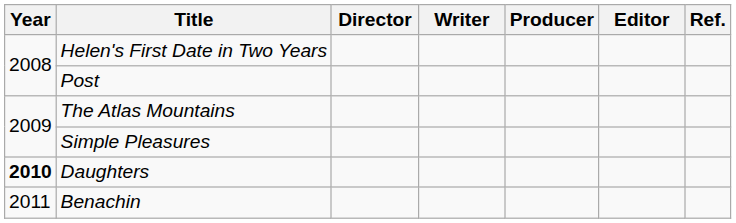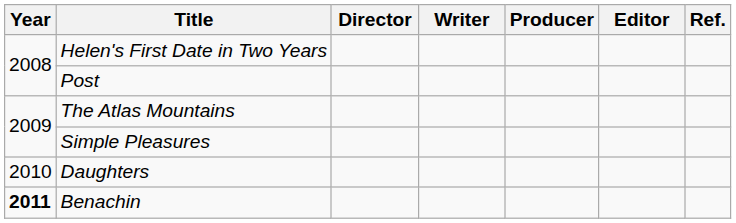 <table class="wikitable">
 <tr>
 <th>Year</th>
 <th>Title</th>
 <th width=65>Director</th>
 <th width=65>Writer</th>
 <th width=65>Producer</th>
 <th width=65>Editor</th>
 <th>Ref.</th>
 </tr>
 <tr>
 <td rowspan="2">2008</td>
 <td><em>Helen's First Date in Two Years</em></td>
 <td></td>
 <td></td>
 <td></td>
 <td></td>
 <td></td>
 </tr>
 <tr>
 <td><em>Post</em></td>
 <td></td>
 <td></td>
 <td></td>
 <td></td>
 <td></td>
 </tr>
 <tr>
 <td rowspan="2">2009</td>
 <td><em>The Atlas Mountains</em></td>
 <td></td>
 <td></td>
 <td></td>
 <td></td>
 <td></td>
 </tr>
 <tr>
 <td><em>Simple Pleasures</em></td>
 <td></td>
 <td></td>
 <td></td>
 <td></td>
 <td></td>
 </tr>
 <tr>
-<td><strong>2010</strong></td>
+<td>2010</td>
 <td><em>Daughters</em></td>
 <td></td>
 <td></td>
 <td></td>
 <td></td>
 <td></td>
 </tr>
 <tr>
-<td>2011</td>
+<td><strong>2011</strong></td>
 <td><em>Benachin</em></td>
 <td></td>
 <td></td>
 <td></td>
 <td></td>
 <td></td>
 </tr>
 </table>
